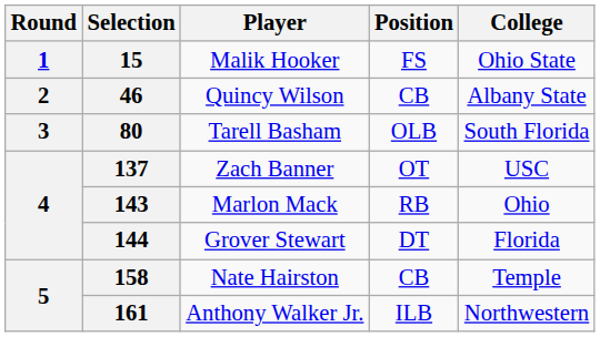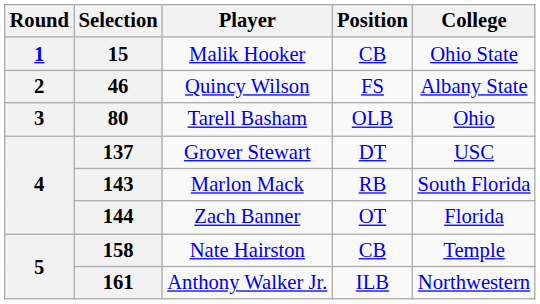 <table class="wikitable" style="text-align:center">
 <tr>
 <th>Round</th>
 <th>Selection</th>
 <th>Player</th>
 <th>Position</th>
 <th>College</th>
 </tr>
 <tr>
 <th><a href='#'>1</a></th>
 <th>15</th>
 <td><a href='#'>Malik Hooker</a></td>
-<td><a href='#'>FS</a></td>
+<td><a href='#'>CB</a></td>
 <td><a href='#'>Ohio State</a></td>
 </tr>
 <tr>
 <th>2</th>
 <th>46</th>
 <td><a href='#'>Quincy Wilson</a></td>
-<td><a href='#'>CB</a></td>
+<td><a href='#'>FS</a></td>
 <td><a href='#'>Albany State</a></td>
 </tr>
 <tr>
 <th>3</th>
 <th>80</th>
 <td><a href='#'>Tarell Basham</a></td>
 <td><a href='#'>OLB</a></td>
-<td><a href='#'>South Florida</a></td>
+<td><a href='#'>Ohio</a></td>
 </tr>
 <tr>
 <th rowspan=3>4</th>
 <th>137</th>
-<td><a href='#'>Zach Banner</a></td>
-<td><a href='#'>OT</a></td>
+<td><a href='#'>Grover Stewart</a></td>
+<td><a href='#'>DT</a></td>
 <td><a href='#'>USC</a></td>
 </tr>
 <tr>
 <th>143</th>
 <td><a href='#'>Marlon Mack</a></td>
 <td><a href='#'>RB</a></td>
-<td><a href='#'>Ohio</a></td>
+<td><a href='#'>South Florida</a></td>
 </tr>
 <tr>
 <th>144</th>
-<td><a href='#'>Grover Stewart</a></td>
-<td><a href='#'>DT</a></td>
+<td><a href='#'>Zach Banner</a></td>
+<td><a href='#'>OT</a></td>
 <td><a href='#'>Florida</a></td>
 </tr>
 <tr>
 <th rowspan=2>5</th>
 <th>158</th>
 <td><a href='#'>Nate Hairston</a></td>
 <td><a href='#'>CB</a></td>
 <td><a href='#'>Temple</a></td>
 </tr>
 <tr>
 <th>161</th>
 <td><a href='#'>Anthony Walker Jr.</a></td>
 <td><a href='#'>ILB</a></td>
 <td><a href='#'>Northwestern</a></td>
 </tr>
 </table>
